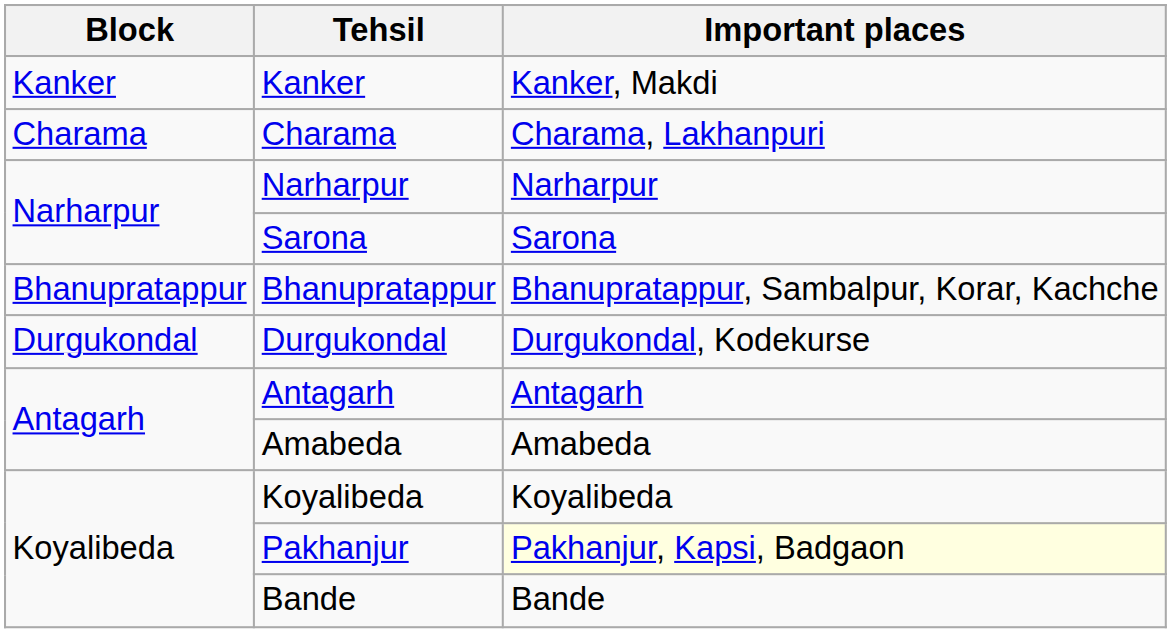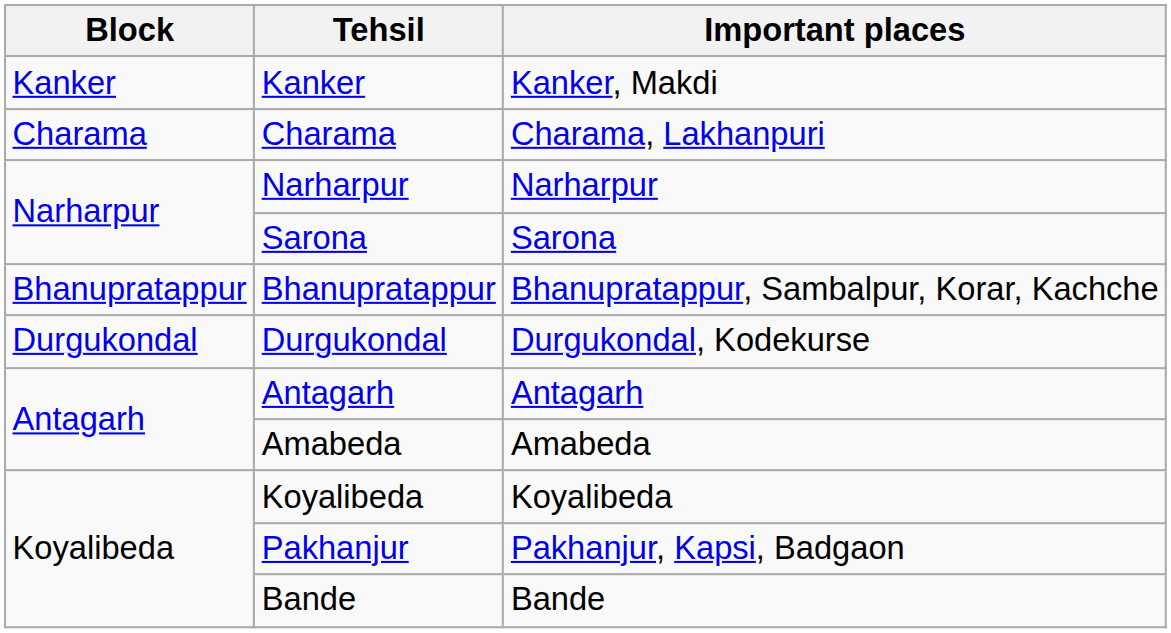 <table class="wikitable">
 <tr>
 <th>Block</th>
 <th>Tehsil</th>
 <th>Important places</th>
 </tr>
 <tr>
 <td><a href='#'>Kanker</a></td>
 <td><a href='#'>Kanker</a></td>
 <td><a href='#'>Kanker</a>, Makdi</td>
 </tr>
 <tr>
 <td><a href='#'>Charama</a></td>
 <td><a href='#'>Charama</a></td>
 <td><a href='#'>Charama</a>, <a href='#'>Lakhanpuri</a></td>
 </tr>
 <tr>
 <td rowspan="2"><a href='#'>Narharpur</a></td>
 <td><a href='#'>Narharpur</a></td>
 <td><a href='#'>Narharpur</a></td>
 </tr>
 <tr>
 <td><a href='#'>Sarona</a></td>
 <td><a href='#'>Sarona</a></td>
 </tr>
 <tr>
 <td><a href='#'>Bhanupratappur</a></td>
 <td><a href='#'>Bhanupratappur</a></td>
 <td><a href='#'>Bhanupratappur</a>, Sambalpur, Korar, Kachche</td>
 </tr>
 <tr>
 <td><a href='#'>Durgukondal</a></td>
 <td><a href='#'>Durgukondal</a></td>
 <td><a href='#'>Durgukondal</a>, Kodekurse</td>
 </tr>
 <tr>
 <td rowspan="2"><a href='#'>Antagarh</a></td>
 <td><a href='#'>Antagarh</a></td>
 <td><a href='#'>Antagarh</a></td>
 </tr>
 <tr>
 <td>Amabeda</td>
 <td>Amabeda</td>
 </tr>
 <tr>
 <td rowspan="3">Koyalibeda</td>
 <td>Koyalibeda</td>
 <td>Koyalibeda</td>
 </tr>
 <tr>
 <td><a href='#'>Pakhanjur</a></td>
-<td style="background: lightyellow;"><a href='#'>Pakhanjur</a>, <a href='#'>Kapsi</a>, Badgaon</td>
+<td><a href='#'>Pakhanjur</a>, <a href='#'>Kapsi</a>, Badgaon</td>
 </tr>
 <tr>
 <td>Bande</td>
 <td>Bande</td>
 </tr>
 </table>
